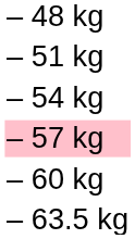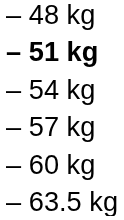 <table>
 <tr>
 <td>– 48 kg<br></td>
 <td></td>
 <td></td>
 <td></td>
 </tr>
 <tr>
-<td>– 51 kg<br></td>
+<td><strong>– 51 kg<br></strong></td>
 <td></td>
 <td></td>
 <td></td>
 </tr>
 <tr>
 <td>– 54 kg<br></td>
 <td></td>
 <td></td>
 <td></td>
 </tr>
 <tr>
-<td style="background: pink;">– 57 kg<br></td>
+<td>– 57 kg<br></td>
 <td></td>
 <td></td>
 <td></td>
 </tr>
 <tr>
 <td>– 60 kg<br></td>
 <td></td>
 <td></td>
 <td></td>
 </tr>
 <tr>
 <td>– 63.5 kg<br></td>
 <td></td>
 <td></td>
 <td></td>
 </tr>
 </table>
